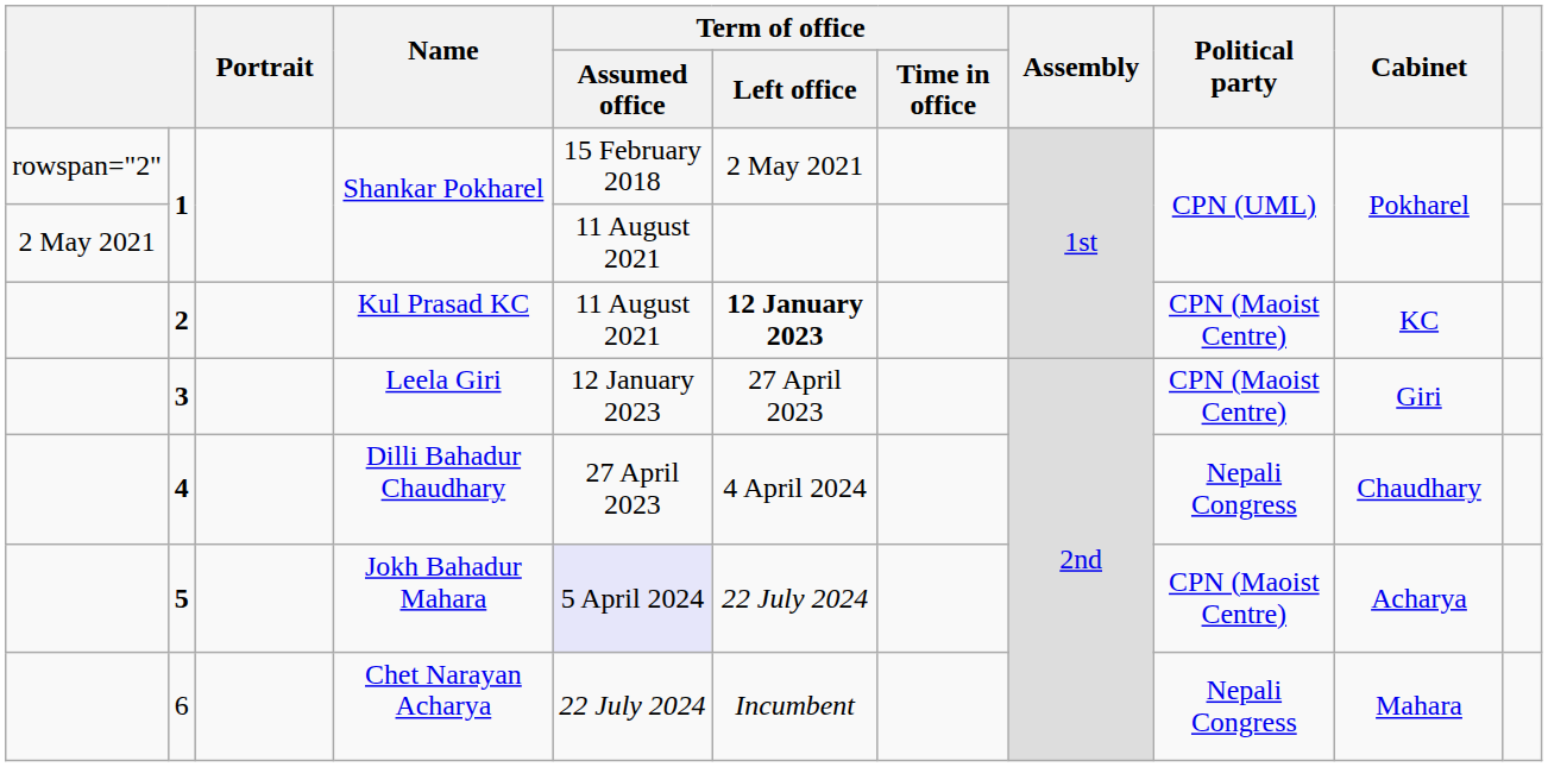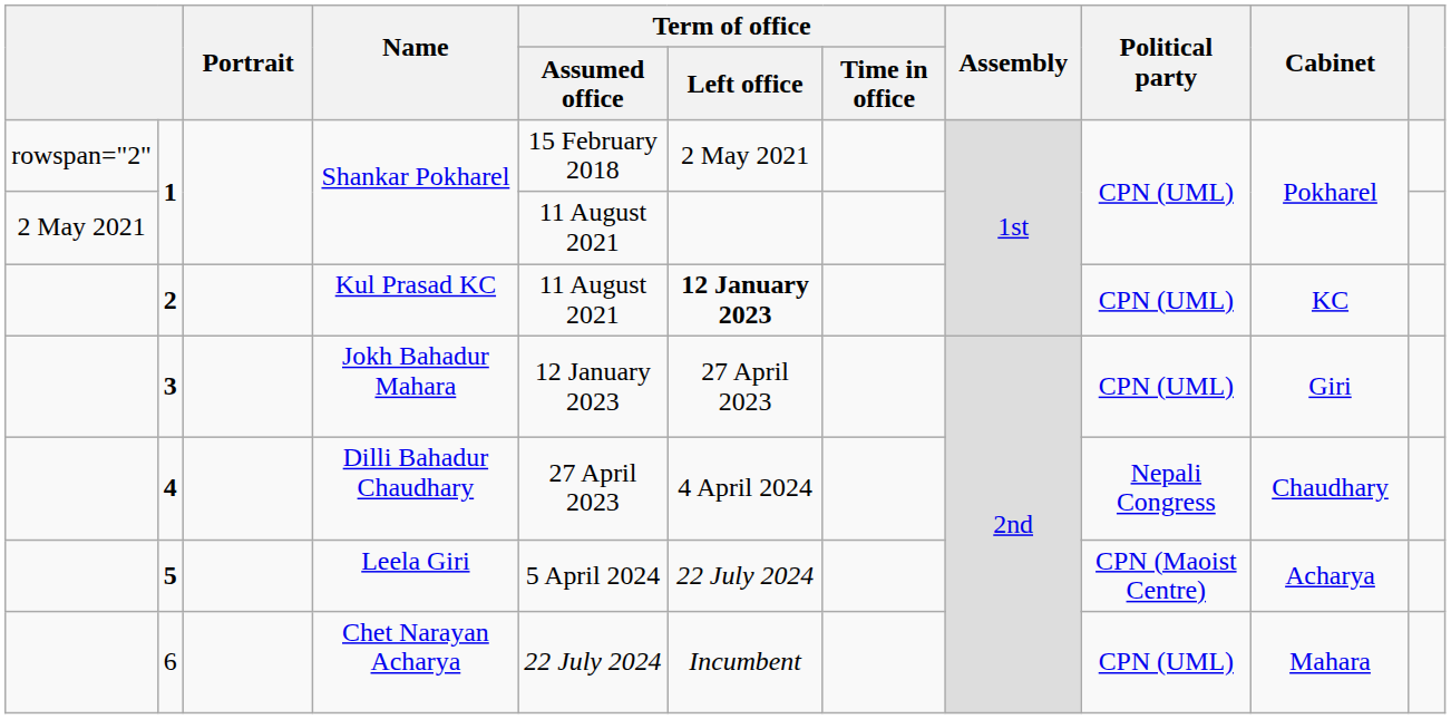 <table class="wikitable sortable" style="text-align:center;">
 <tr>
 <th colspan="2" rowspan="2" width="25px"></th>
 <th rowspan="2" width="100px">Portrait</th>
 <th rowspan="2" width="200px">Name<br><br></th>
 <th colspan="3">Term of office</th>
 <th rowspan="2" width="90px">Assembly<br></th>
 <th rowspan="2" width="160px">Political party</th>
 <th rowspan="2" width="120px">Cabinet</th>
 <th rowspan="2" width="40px"></th>
 </tr>
 <tr>
 <th width="120px">Assumed office</th>
 <th width="120px">Left office</th>
 <th width="120px">Time in office</th>
 </tr>
 <tr>
 <td>rowspan="2" </td>
 <td rowspan="2"><strong>1</strong></td>
 <td rowspan="2"></td>
 <td rowspan="2"><a href='#'>Shankar Pokharel</a><br><br></td>
 <td>15 February 2018</td>
 <td>2 May 2021</td>
 <td></td>
 <td rowspan="3" bgcolor="dddddd"><a href='#'>1st</a><br></td>
 <td rowspan="2"><a href='#'>CPN (UML)</a></td>
 <td rowspan="2"><a href='#'>Pokharel</a></td>
 <td></td>
 </tr>
 <tr>
 <td>2 May 2021</td>
 <td>11 August 2021</td>
 <td></td>
 <td></td>
 </tr>
 <tr>
 <td></td>
 <td><strong>2</strong></td>
 <td></td>
 <td><a href='#'>Kul Prasad KC</a><br><br></td>
 <td>11 August 2021</td>
 <td><strong>12 January 2023</strong></td>
 <td></td>
-<td><a href='#'>CPN (Maoist Centre)</a></td>
+<td><a href='#'>CPN (UML)</a></td>
 <td><a href='#'>KC</a></td>
 <td></td>
 </tr>
 <tr>
 <td></td>
 <td><strong>3</strong></td>
 <td></td>
-<td><a href='#'>Leela Giri</a><br><br></td>
+<td><a href='#'>Jokh Bahadur Mahara</a><br><br></td>
 <td>12 January 2023</td>
 <td>27 April 2023</td>
 <td></td>
 <td rowspan="4" bgcolor="dddddd"><a href='#'>2nd</a><br></td>
-<td><a href='#'>CPN (Maoist Centre)</a></td>
+<td><a href='#'>CPN (UML)</a></td>
 <td><a href='#'>Giri</a></td>
 <td></td>
 </tr>
 <tr>
 <td></td>
 <td><strong>4</strong></td>
 <td></td>
 <td><a href='#'>Dilli Bahadur Chaudhary</a><br><br></td>
 <td>27 April 2023</td>
 <td>4 April 2024</td>
 <td></td>
 <td><a href='#'>Nepali Congress</a></td>
 <td><a href='#'>Chaudhary</a></td>
 <td></td>
 </tr>
 <tr>
 <td></td>
 <td><strong>5</strong></td>
 <td></td>
-<td><a href='#'>Jokh Bahadur Mahara</a><br><br></td>
-<td style="background: lavender;">5 April 2024</td>
+<td><a href='#'>Leela Giri</a><br><br></td>
+<td>5 April 2024</td>
 <td><em>22 July 2024</em></td>
 <td></td>
 <td><a href='#'>CPN (Maoist Centre)</a></td>
 <td><a href='#'>Acharya</a></td>
 <td></td>
 </tr>
 <tr>
 <td></td>
 <td>6</td>
 <td></td>
 <td><a href='#'>Chet Narayan Acharya</a><br><br></td>
 <td><em>22 July 2024</em></td>
 <td><em>Incumbent</em></td>
 <td></td>
-<td><a href='#'>Nepali Congress</a></td>
+<td><a href='#'>CPN (UML)</a></td>
 <td><a href='#'>Mahara</a></td>
 <td></td>
 </tr>
 </table>
